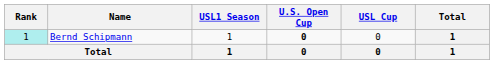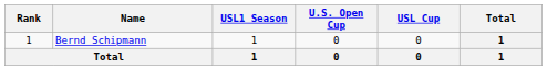 <table class="wikitable sortable" style="text-align:center;">
 <tr>
 <th style="width:56px;">Rank</th>
 <th style="width:200px;">Name</th>
 <th style="width:100px;"><a href='#'>USL1 Season</a></th>
 <th style="width:100px;"><a href='#'>U.S. Open Cup</a></th>
 <th style="width:100px;"><a href='#'>USL Cup</a></th>
 <th style="width:100px;">Total</th>
 </tr>
 <tr>
-<td style="background: paleturquoise;">1</td>
+<td>1</td>
 <td align="left"> <a href='#'>Bernd Schipmann</a></td>
 <td>1</td>
-<td><strong>0</strong></td>
+<td>0</td>
 <td>0</td>
 <th>1</th>
 </tr>
 <tr>
 <th colspan="2">Total</th>
 <th>1</th>
 <th>0</th>
 <th>0</th>
 <th>1</th>
 </tr>
 </table>
